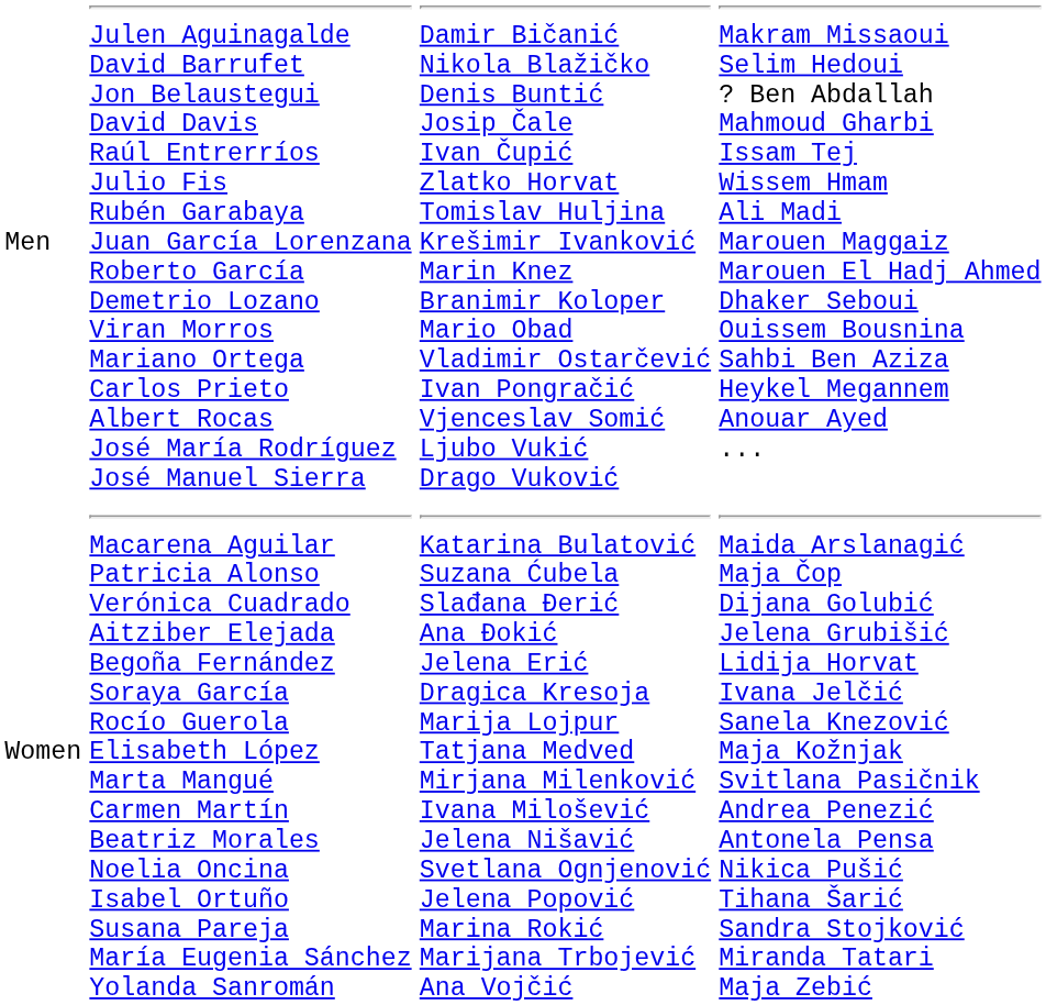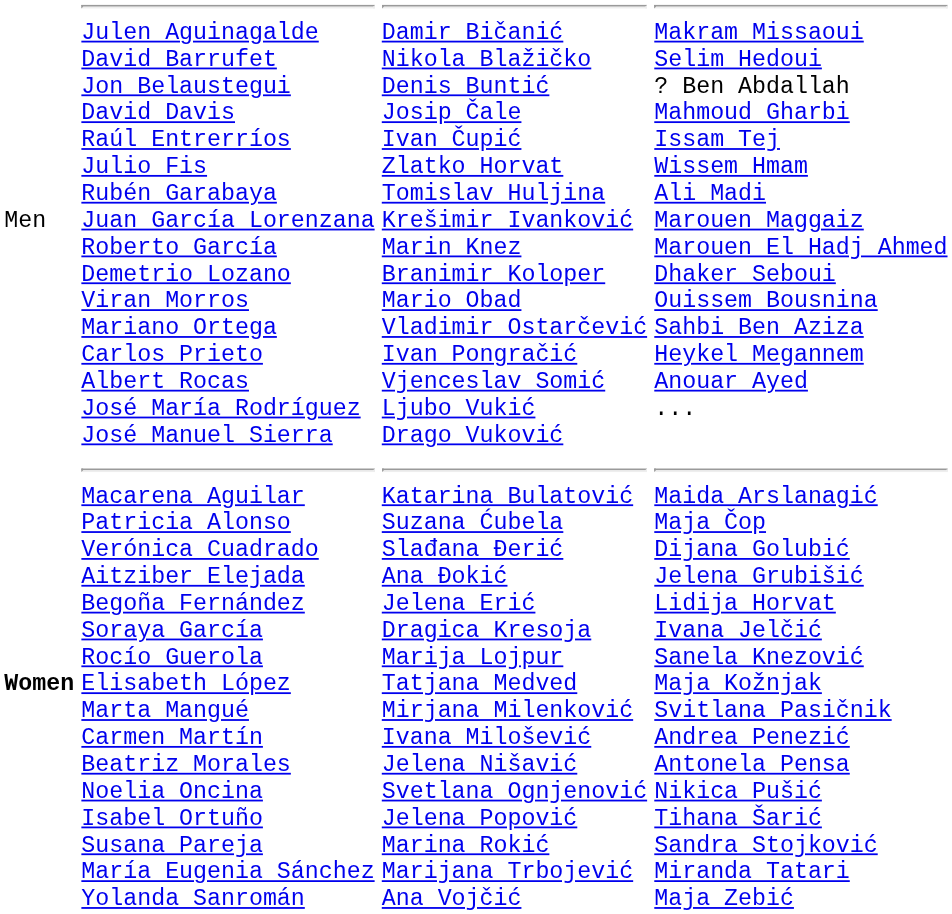 <table>
 <tr>
 <td>Men<br></td>
 <td><hr><a href='#'>Julen Aguinagalde</a><br><a href='#'>David Barrufet</a><br><a href='#'>Jon Belaustegui</a><br><a href='#'>David Davis</a><br><a href='#'>Raúl Entrerríos</a><br><a href='#'>Julio Fis</a><br><a href='#'>Rubén Garabaya</a><br><a href='#'>Juan García Lorenzana</a><br><a href='#'>Roberto García</a><br><a href='#'>Demetrio Lozano</a><br><a href='#'>Viran Morros</a><br><a href='#'>Mariano Ortega</a><br><a href='#'>Carlos Prieto</a><br><a href='#'>Albert Rocas</a><br><a href='#'>José María Rodríguez</a><br><a href='#'>José Manuel Sierra</a></td>
 <td><hr><a href='#'>Damir Bičanić</a><br><a href='#'>Nikola Blažičko</a><br><a href='#'>Denis Buntić</a><br><a href='#'>Josip Čale</a><br><a href='#'>Ivan Čupić</a><br><a href='#'>Zlatko Horvat</a><br><a href='#'>Tomislav Huljina</a><br><a href='#'>Krešimir Ivanković</a><br><a href='#'>Marin Knez</a><br><a href='#'>Branimir Koloper</a><br><a href='#'>Mario Obad</a><br><a href='#'>Vladimir Ostarčević</a><br><a href='#'>Ivan Pongračić</a><br><a href='#'>Vjenceslav Somić</a><br><a href='#'>Ljubo Vukić</a><br><a href='#'>Drago Vuković</a></td>
 <td valign=top><hr><a href='#'>Makram Missaoui</a><br><a href='#'>Selim Hedoui</a><br>? Ben Abdallah<br><a href='#'>Mahmoud Gharbi</a><br><a href='#'>Issam Tej</a><br><a href='#'>Wissem Hmam</a><br><a href='#'>Ali Madi</a><br><a href='#'>Marouen Maggaiz</a><br><a href='#'>Marouen El Hadj Ahmed</a><br><a href='#'>Dhaker Seboui</a><br><a href='#'>Ouissem Bousnina</a><br><a href='#'>Sahbi Ben Aziza</a><br><a href='#'>Heykel Megannem</a><br><a href='#'>Anouar Ayed</a><br>...</td>
 </tr>
 <tr>
-<td>Women<br></td>
+<td><strong>Women<br></strong></td>
 <td><hr><a href='#'>Macarena Aguilar</a><br><a href='#'>Patricia Alonso</a><br><a href='#'>Verónica Cuadrado</a><br><a href='#'>Aitziber Elejada</a><br><a href='#'>Begoña Fernández</a><br><a href='#'>Soraya García</a><br><a href='#'>Rocío Guerola</a><br><a href='#'>Elisabeth López</a><br><a href='#'>Marta Mangué</a><br><a href='#'>Carmen Martín</a><br><a href='#'>Beatriz Morales</a><br><a href='#'>Noelia Oncina</a><br><a href='#'>Isabel Ortuño</a><br><a href='#'>Susana Pareja</a><br><a href='#'>María Eugenia Sánchez</a><br><a href='#'>Yolanda Sanromán</a></td>
 <td><hr><a href='#'>Katarina Bulatović</a><br><a href='#'>Suzana Ćubela</a><br><a href='#'>Slađana Đerić</a><br><a href='#'>Ana Đokić</a><br><a href='#'>Jelena Erić</a><br><a href='#'>Dragica Kresoja</a><br><a href='#'>Marija Lojpur</a><br><a href='#'>Tatjana Medved</a><br><a href='#'>Mirjana Milenković</a><br><a href='#'>Ivana Milošević</a><br><a href='#'>Jelena Nišavić</a><br><a href='#'>Svetlana Ognjenović</a><br><a href='#'>Jelena Popović</a><br><a href='#'>Marina Rokić</a><br><a href='#'>Marijana Trbojević</a><br><a href='#'>Ana Vojčić</a></td>
 <td valign=top><hr><a href='#'>Maida Arslanagić</a><br><a href='#'>Maja Čop</a><br><a href='#'>Dijana Golubić</a><br><a href='#'>Jelena Grubišić</a><br><a href='#'>Lidija Horvat</a><br><a href='#'>Ivana Jelčić</a><br><a href='#'>Sanela Knezović</a><br><a href='#'>Maja Kožnjak</a><br><a href='#'>Svitlana Pasičnik</a><br><a href='#'>Andrea Penezić</a><br><a href='#'>Antonela Pensa</a><br><a href='#'>Nikica Pušić</a><br><a href='#'>Tihana Šarić</a><br><a href='#'>Sandra Stojković</a><br><a href='#'>Miranda Tatari</a><br><a href='#'>Maja Zebić</a></td>
 </tr>
 </table>
